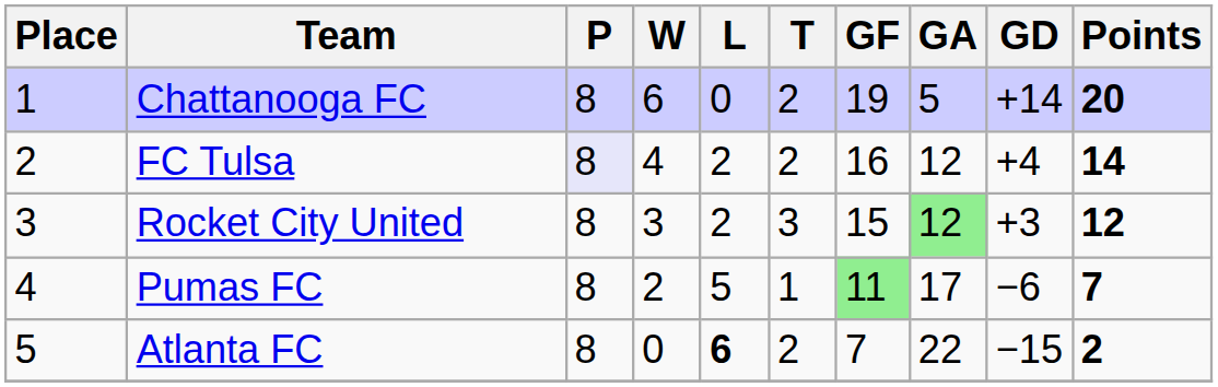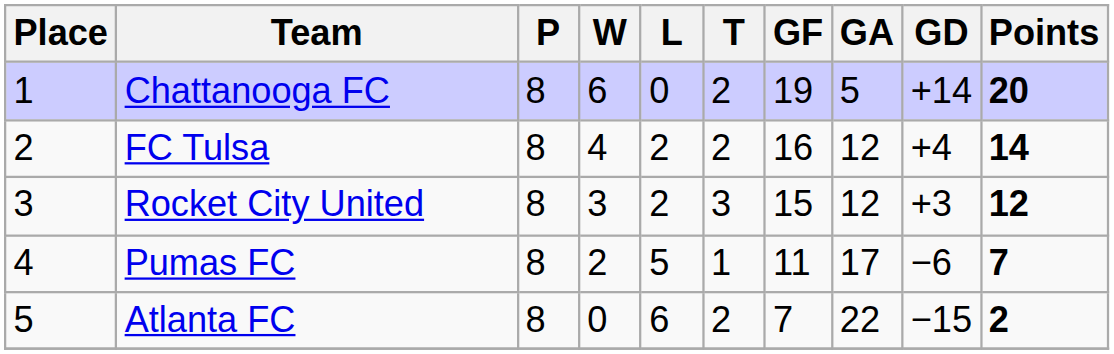 <table class="wikitable">
 <tr>
 <th>Place</th>
 <th width="170">Team</th>
 <th width="20">P</th>
 <th width="20">W</th>
 <th width="20">L</th>
 <th width="20">T</th>
 <th width="20">GF</th>
 <th width="20">GA</th>
 <th width="25">GD</th>
 <th>Points</th>
 </tr>
 <tr bgcolor=#CCCCFF>
 <td>1</td>
 <td><a href='#'>Chattanooga FC</a></td>
 <td>8</td>
 <td>6</td>
 <td>0</td>
 <td>2</td>
 <td>19</td>
 <td>5</td>
 <td>+14</td>
 <td><strong>20</strong></td>
 </tr>
 <tr>
 <td>2</td>
 <td><a href='#'>FC Tulsa</a></td>
-<td style="background: lavender;">8</td>
+<td>8</td>
 <td>4</td>
 <td>2</td>
 <td>2</td>
 <td>16</td>
 <td>12</td>
 <td>+4</td>
 <td><strong>14</strong></td>
 </tr>
 <tr>
 <td>3</td>
 <td><a href='#'>Rocket City United</a></td>
 <td>8</td>
 <td>3</td>
 <td>2</td>
 <td>3</td>
 <td>15</td>
-<td style="background: lightgreen;">12</td>
+<td>12</td>
 <td>+3</td>
 <td><strong>12</strong></td>
 </tr>
 <tr>
 <td>4</td>
 <td><a href='#'>Pumas FC</a></td>
 <td>8</td>
 <td>2</td>
 <td>5</td>
 <td>1</td>
-<td style="background: lightgreen;">11</td>
+<td>11</td>
 <td>17</td>
 <td>−6</td>
 <td><strong>7</strong></td>
 </tr>
 <tr>
 <td>5</td>
 <td><a href='#'>Atlanta FC</a></td>
 <td>8</td>
 <td>0</td>
-<td><strong>6</strong></td>
+<td>6</td>
 <td>2</td>
 <td>7</td>
 <td>22</td>
 <td>−15</td>
 <td><strong>2</strong></td>
 </tr>
 <tr>
 </tr>
 </table>
